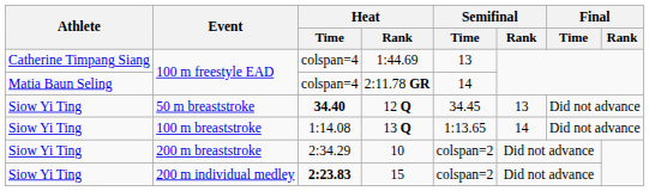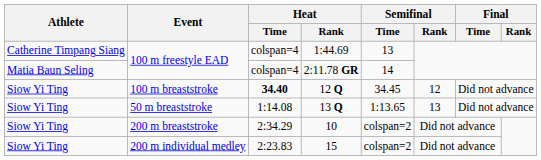 <table class=wikitable style=font-size:90%>
 <tr>
 <th rowspan=2>Athlete</th>
 <th rowspan=2>Event</th>
 <th colspan=2>Heat</th>
 <th colspan=2>Semifinal</th>
 <th colspan=2>Final</th>
 </tr>
 <tr style=font-size:95%>
 <th>Time</th>
 <th>Rank</th>
 <th>Time</th>
 <th>Rank</th>
 <th>Time</th>
 <th>Rank</th>
 </tr>
 <tr align=center>
 <td align=left><a href='#'>Catherine Timpang Siang</a></td>
 <td align=left rowspan=2><a href='#'>100 m freestyle EAD</a></td>
 <td>colspan=4 </td>
 <td>1:44.69</td>
 <td>13</td>
 </tr>
 <tr align=center>
 <td align=left><a href='#'>Matia Baun Seling</a></td>
 <td>colspan=4 </td>
 <td>2:11.78 <strong>GR</strong></td>
 <td>14</td>
 </tr>
 <tr align=center>
 <td align=left><a href='#'>Siow Yi Ting</a></td>
-<td align=left><a href='#'>50 m breaststroke</a></td>
+<td align=left><a href='#'>100 m breaststroke</a></td>
 <td><strong>34.40</strong></td>
 <td>12 <strong>Q</strong></td>
 <td>34.45</td>
-<td>13</td>
+<td>12</td>
 <td colspan=2>Did not advance</td>
 </tr>
 <tr align=center>
 <td align=left><a href='#'>Siow Yi Ting</a></td>
-<td align=left><a href='#'>100 m breaststroke</a></td>
+<td align=left><a href='#'>50 m breaststroke</a></td>
 <td>1:14.08</td>
 <td>13 <strong>Q</strong></td>
 <td>1:13.65</td>
-<td>14</td>
+<td>13</td>
 <td colspan=2>Did not advance</td>
 </tr>
 <tr align=center>
 <td align=left><a href='#'>Siow Yi Ting</a></td>
 <td align=left><a href='#'>200 m breaststroke</a></td>
 <td>2:34.29</td>
 <td>10</td>
 <td>colspan=2 </td>
 <td colspan=2>Did not advance</td>
 </tr>
 <tr align=center>
 <td align=left><a href='#'>Siow Yi Ting</a></td>
 <td align=left><a href='#'>200 m individual medley</a></td>
-<td><strong>2:23.83</strong></td>
+<td>2:23.83</td>
 <td>15</td>
 <td>colspan=2 </td>
 <td colspan=2>Did not advance</td>
 </tr>
 </table>
